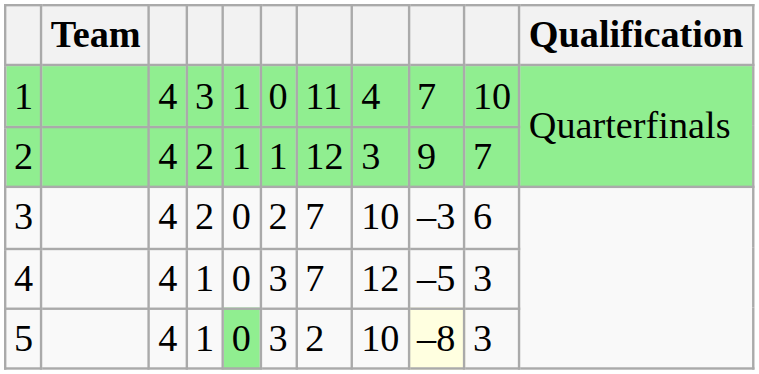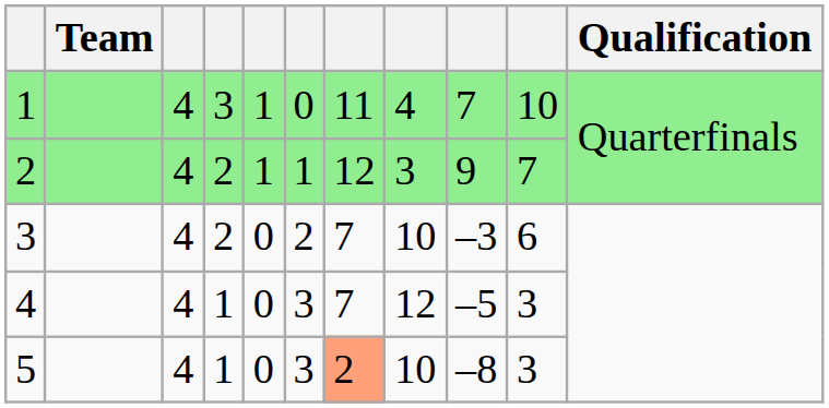 <table class="wikitable">
 <tr>
 <th></th>
 <th>Team</th>
 <th></th>
 <th></th>
 <th></th>
 <th></th>
 <th></th>
 <th></th>
 <th></th>
 <th></th>
 <th>Qualification</th>
 </tr>
 <tr bgcolor=lightgreen>
 <td>1</td>
 <td></td>
 <td>4</td>
 <td>3</td>
 <td>1</td>
 <td>0</td>
 <td>11</td>
 <td>4</td>
 <td>7</td>
 <td>10</td>
 <td rowspan=2>Quarterfinals</td>
 </tr>
 <tr bgcolor=lightgreen>
 <td>2</td>
 <td></td>
 <td>4</td>
 <td>2</td>
 <td>1</td>
 <td>1</td>
 <td>12</td>
 <td>3</td>
 <td>9</td>
 <td>7</td>
 </tr>
 <tr>
 <td>3</td>
 <td></td>
 <td>4</td>
 <td>2</td>
 <td>0</td>
 <td>2</td>
 <td>7</td>
 <td>10</td>
 <td>–3</td>
 <td>6</td>
 </tr>
 <tr>
 <td>4</td>
 <td></td>
 <td>4</td>
 <td>1</td>
 <td>0</td>
 <td>3</td>
 <td>7</td>
 <td>12</td>
 <td>–5</td>
 <td>3</td>
 </tr>
 <tr>
 <td>5</td>
 <td></td>
 <td>4</td>
 <td>1</td>
-<td style="background: lightgreen;">0</td>
+<td>0</td>
 <td>3</td>
-<td>2</td>
+<td style="background: lightsalmon;">2</td>
 <td>10</td>
-<td style="background: lightyellow;">–8</td>
+<td>–8</td>
 <td>3</td>
 </tr>
 </table>
